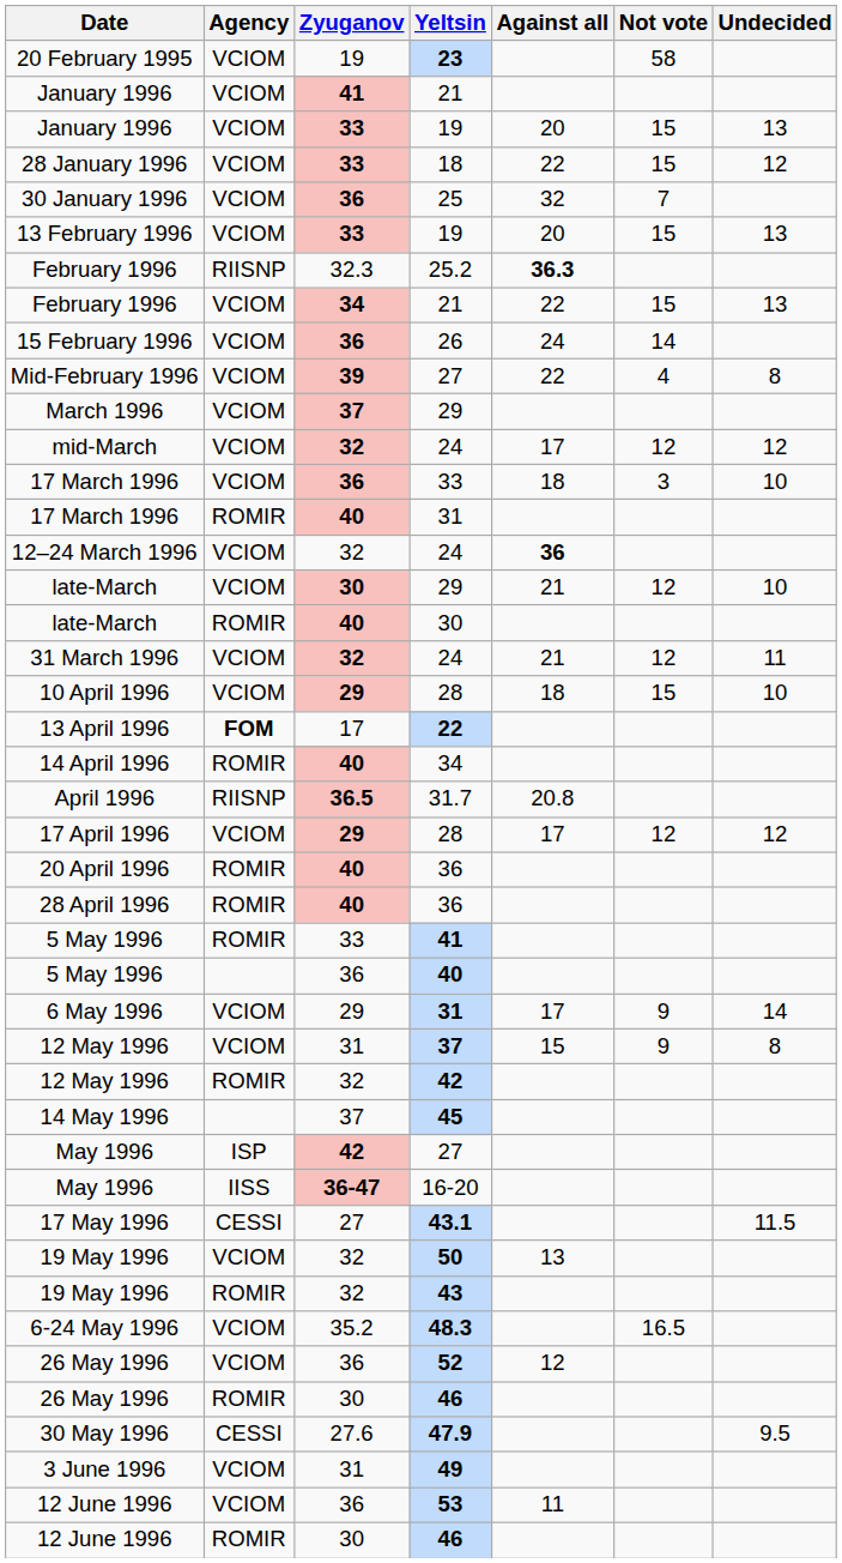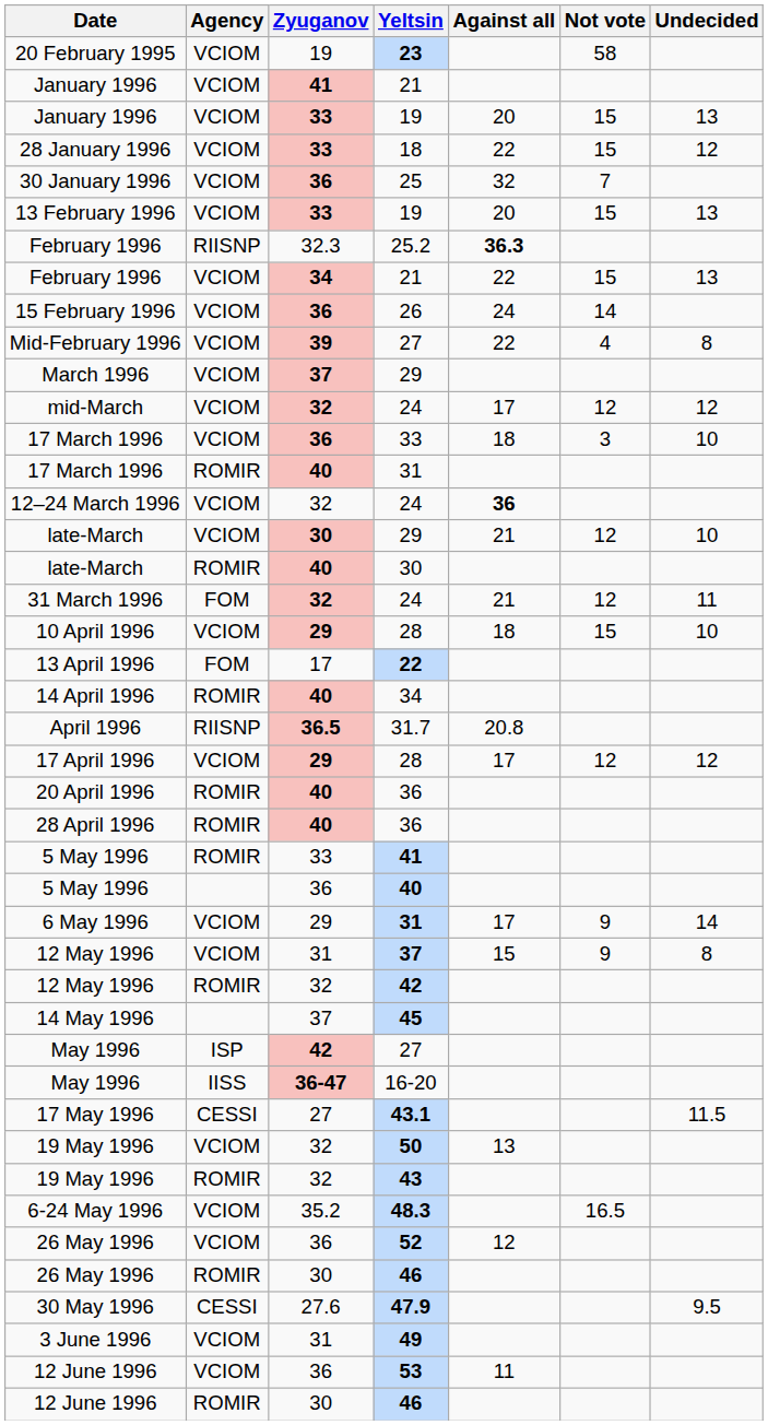 <table class=wikitable style=text-align:center>
 <tr>
 <th>Date</th>
 <th>Agency</th>
 <th><a href='#'>Zyuganov</a></th>
 <th><a href='#'>Yeltsin</a></th>
 <th>Against all</th>
 <th>Not vote</th>
 <th>Undecided</th>
 </tr>
 <tr>
 <td>20 February 1995</td>
 <td>VCIOM</td>
 <td>19</td>
 <td style="background:#C0DBFC"><strong>23</strong></td>
 <td></td>
 <td>58</td>
 <td></td>
 </tr>
 <tr>
 <td>January 1996</td>
 <td>VCIOM</td>
 <td style="background:#F8C1BE"><strong>41</strong></td>
 <td>21</td>
 <td></td>
 <td></td>
 <td></td>
 </tr>
 <tr>
 <td>January 1996 </td>
 <td>VCIOM</td>
 <td style="background:#F8C1BE"><strong>33</strong></td>
 <td>19</td>
 <td>20</td>
 <td>15</td>
 <td>13</td>
 </tr>
 <tr>
 <td>28 January 1996</td>
 <td>VCIOM</td>
 <td style="background:#F8C1BE"><strong>33</strong></td>
 <td>18</td>
 <td>22</td>
 <td>15</td>
 <td>12</td>
 </tr>
 <tr>
 <td>30 January 1996</td>
 <td>VCIOM</td>
 <td style="background:#F8C1BE"><strong>36</strong></td>
 <td>25</td>
 <td>32</td>
 <td>7</td>
 <td></td>
 </tr>
 <tr>
 <td>13 February 1996</td>
 <td>VCIOM</td>
 <td style="background:#F8C1BE"><strong>33</strong></td>
 <td>19</td>
 <td>20</td>
 <td>15</td>
 <td>13</td>
 </tr>
 <tr>
 <td>February 1996</td>
 <td>RIISNP</td>
 <td>32.3</td>
 <td>25.2</td>
 <td><strong>36.3</strong></td>
 <td></td>
 <td></td>
 </tr>
 <tr>
 <td>February 1996 </td>
 <td>VCIOM</td>
 <td style="background:#F8C1BE"><strong>34</strong></td>
 <td>21</td>
 <td>22</td>
 <td>15</td>
 <td>13</td>
 </tr>
 <tr>
 <td>15 February 1996</td>
 <td>VCIOM</td>
 <td style="background:#F8C1BE"><strong>36</strong></td>
 <td>26</td>
 <td>24</td>
 <td>14</td>
 <td></td>
 </tr>
 <tr>
 <td>Mid-February 1996</td>
 <td>VCIOM</td>
 <td style="background:#F8C1BE"><strong>39</strong></td>
 <td>27</td>
 <td>22</td>
 <td>4</td>
 <td>8</td>
 </tr>
 <tr>
 <td>March 1996</td>
 <td>VCIOM</td>
 <td style="background:#F8C1BE"><strong>37</strong></td>
 <td>29</td>
 <td></td>
 <td></td>
 <td></td>
 </tr>
 <tr>
 <td>mid-March</td>
 <td>VCIOM</td>
 <td style="background:#F8C1BE"><strong>32</strong></td>
 <td>24</td>
 <td>17</td>
 <td>12</td>
 <td>12</td>
 </tr>
 <tr>
 <td>17 March 1996</td>
 <td>VCIOM</td>
 <td style="background:#F8C1BE"><strong>36</strong></td>
 <td>33</td>
 <td>18</td>
 <td>3</td>
 <td>10</td>
 </tr>
 <tr>
 <td>17 March 1996</td>
 <td>ROMIR</td>
 <td style="background:#F8C1BE"><strong>40</strong></td>
 <td>31</td>
 <td></td>
 <td></td>
 <td></td>
 </tr>
 <tr>
 <td>12–24 March 1996</td>
 <td>VCIOM</td>
 <td>32</td>
 <td>24</td>
 <td><strong>36</strong></td>
 <td></td>
 <td></td>
 </tr>
 <tr>
 <td>late-March</td>
 <td>VCIOM</td>
 <td style="background:#F8C1BE"><strong>30</strong></td>
 <td>29</td>
 <td>21</td>
 <td>12</td>
 <td>10</td>
 </tr>
 <tr>
 <td>late-March</td>
 <td>ROMIR</td>
 <td style="background:#F8C1BE"><strong>40</strong></td>
 <td>30</td>
 <td></td>
 <td></td>
 <td></td>
 </tr>
 <tr>
 <td>31 March 1996</td>
-<td>VCIOM</td>
+<td>FOM</td>
 <td style="background:#F8C1BE"><strong>32</strong></td>
 <td>24</td>
 <td>21</td>
 <td>12</td>
 <td>11</td>
 </tr>
 <tr>
 <td>10 April 1996</td>
 <td>VCIOM</td>
 <td style="background:#F8C1BE"><strong>29</strong></td>
 <td>28</td>
 <td>18</td>
 <td>15</td>
 <td>10</td>
 </tr>
 <tr>
 <td>13 April 1996</td>
-<td><strong>FOM</strong></td>
+<td>FOM</td>
 <td>17</td>
 <td style="background:#C0DBFC"><strong>22</strong></td>
 <td></td>
 <td></td>
 <td></td>
 </tr>
 <tr>
 <td>14 April 1996</td>
 <td>ROMIR</td>
 <td style="background:#F8C1BE"><strong>40</strong></td>
 <td>34</td>
 <td></td>
 <td></td>
 <td></td>
 </tr>
 <tr>
 <td>April 1996</td>
 <td>RIISNP</td>
 <td style="background:#F8C1BE"><strong>36.5</strong></td>
 <td>31.7</td>
 <td>20.8</td>
 <td></td>
 <td></td>
 </tr>
 <tr>
 <td>17 April 1996</td>
 <td>VCIOM</td>
 <td style="background:#F8C1BE"><strong>29</strong></td>
 <td>28</td>
 <td>17</td>
 <td>12</td>
 <td>12</td>
 </tr>
 <tr>
 <td>20 April 1996</td>
 <td>ROMIR</td>
 <td style="background:#F8C1BE"><strong>40</strong></td>
 <td>36</td>
 <td></td>
 <td></td>
 <td></td>
 </tr>
 <tr>
 <td>28 April 1996</td>
 <td>ROMIR</td>
 <td style="background:#F8C1BE"><strong>40</strong></td>
 <td>36</td>
 <td></td>
 <td></td>
 <td></td>
 </tr>
 <tr>
 <td>5 May 1996</td>
 <td>ROMIR</td>
 <td>33</td>
 <td style="background:#C0DBFC"><strong>41</strong></td>
 <td></td>
 <td></td>
 <td></td>
 </tr>
 <tr>
 <td>5 May 1996</td>
 <td></td>
 <td>36</td>
 <td style="background:#C0DBFC"><strong>40</strong></td>
 <td></td>
 <td></td>
 <td></td>
 </tr>
 <tr>
 <td>6 May 1996</td>
 <td>VCIOM</td>
 <td>29</td>
 <td style="background:#C0DBFC"><strong>31</strong></td>
 <td>17</td>
 <td>9</td>
 <td>14</td>
 </tr>
 <tr>
 <td>12 May 1996</td>
 <td>VCIOM</td>
 <td>31</td>
 <td style="background:#C0DBFC"><strong>37</strong></td>
 <td>15</td>
 <td>9</td>
 <td>8</td>
 </tr>
 <tr>
 <td>12 May 1996</td>
 <td>ROMIR</td>
 <td>32</td>
 <td style="background:#C0DBFC"><strong>42</strong></td>
 <td></td>
 <td></td>
 <td></td>
 </tr>
 <tr>
 <td>14 May 1996</td>
 <td></td>
 <td>37</td>
 <td style="background:#C0DBFC"><strong>45</strong></td>
 <td></td>
 <td></td>
 <td></td>
 </tr>
 <tr>
 <td>May 1996</td>
 <td>ISP</td>
 <td style="background:#F8C1BE"><strong>42</strong></td>
 <td>27</td>
 <td></td>
 <td></td>
 <td></td>
 </tr>
 <tr>
 <td>May 1996 </td>
 <td>IISS</td>
 <td style="background:#F8C1BE"><strong>36-47</strong></td>
 <td>16-20</td>
 <td></td>
 <td></td>
 <td></td>
 </tr>
 <tr>
 <td>17 May 1996</td>
 <td>CESSI</td>
 <td>27</td>
 <td style="background:#C0DBFC"><strong>43.1</strong></td>
 <td></td>
 <td></td>
 <td>11.5</td>
 </tr>
 <tr>
 <td>19 May 1996</td>
 <td>VCIOM</td>
 <td>32</td>
 <td style="background:#C0DBFC"><strong>50</strong></td>
 <td>13</td>
 <td></td>
 <td></td>
 </tr>
 <tr>
 <td>19 May 1996</td>
 <td>ROMIR</td>
 <td>32</td>
 <td style="background:#C0DBFC"><strong>43</strong></td>
 <td></td>
 <td></td>
 <td></td>
 </tr>
 <tr>
 <td>6-24 May 1996</td>
 <td>VCIOM</td>
 <td>35.2</td>
 <td style="background:#C0DBFC"><strong>48.3</strong></td>
 <td></td>
 <td>16.5</td>
 <td></td>
 </tr>
 <tr>
 <td>26 May 1996</td>
 <td>VCIOM</td>
 <td>36</td>
 <td style="background:#C0DBFC"><strong>52</strong></td>
 <td>12</td>
 <td></td>
 <td></td>
 </tr>
 <tr>
 <td>26 May 1996</td>
 <td>ROMIR</td>
 <td>30</td>
 <td style="background:#C0DBFC"><strong>46</strong></td>
 <td></td>
 <td></td>
 <td></td>
 </tr>
 <tr>
 <td>30 May 1996</td>
 <td>CESSI</td>
 <td>27.6</td>
 <td style="background:#C0DBFC"><strong>47.9</strong></td>
 <td></td>
 <td></td>
 <td>9.5</td>
 </tr>
 <tr>
 <td>3 June 1996</td>
 <td>VCIOM</td>
 <td>31</td>
 <td style="background:#C0DBFC"><strong>49</strong></td>
 <td></td>
 <td></td>
 <td></td>
 </tr>
 <tr>
 <td>12 June 1996</td>
 <td>VCIOM</td>
 <td>36</td>
 <td style="background:#C0DBFC"><strong>53</strong></td>
 <td>11</td>
 <td></td>
 <td></td>
 </tr>
 <tr>
 <td>12 June 1996</td>
 <td>ROMIR</td>
 <td>30</td>
 <td style="background:#C0DBFC"><strong>46</strong></td>
 <td></td>
 <td></td>
 <td></td>
 </tr>
 </table>
